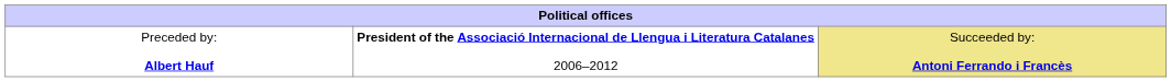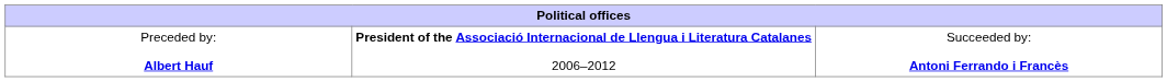 <table class="toccolours" style="border-collapse: collapse; margin:0 auto;" cellspacing="0" cellpadding="4" border="1">
 <tr>
 <th colspan="3" style="background: #ccccff;">Political offices</th>
 </tr>
 <tr style="text-align: center;">
 <td width="30%">Preceded by:<br><br><strong><a href='#'>Albert Hauf</a></strong></td>
 <td style="text-align: center;" width="40%"><strong>President of the <a href='#'>Associació Internacional de Llengua i Literatura Catalanes</a></strong><br><br>2006–2012</td>
-<td width="30%" style="background: khaki;">Succeeded by:<br><br><strong><a href='#'>Antoni Ferrando i Francès</a></strong></td>
+<td width="30%">Succeeded by:<br><br><strong><a href='#'>Antoni Ferrando i Francès</a></strong></td>
 </tr>
 </table>
